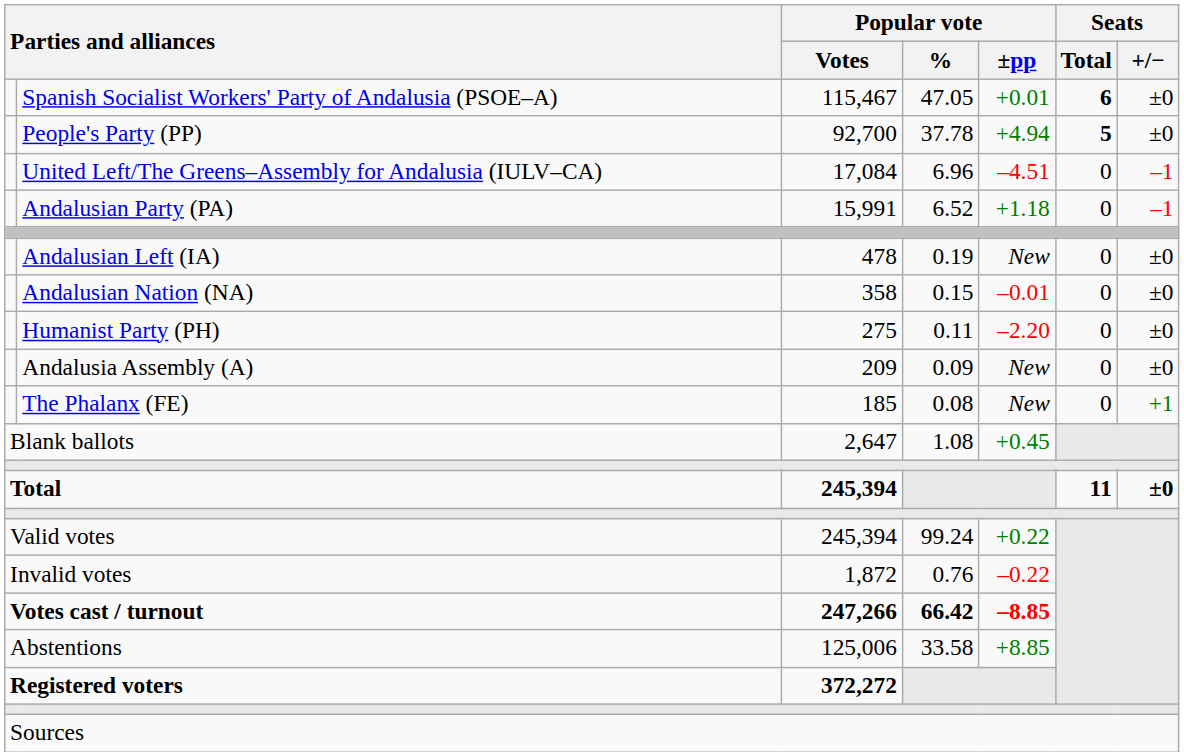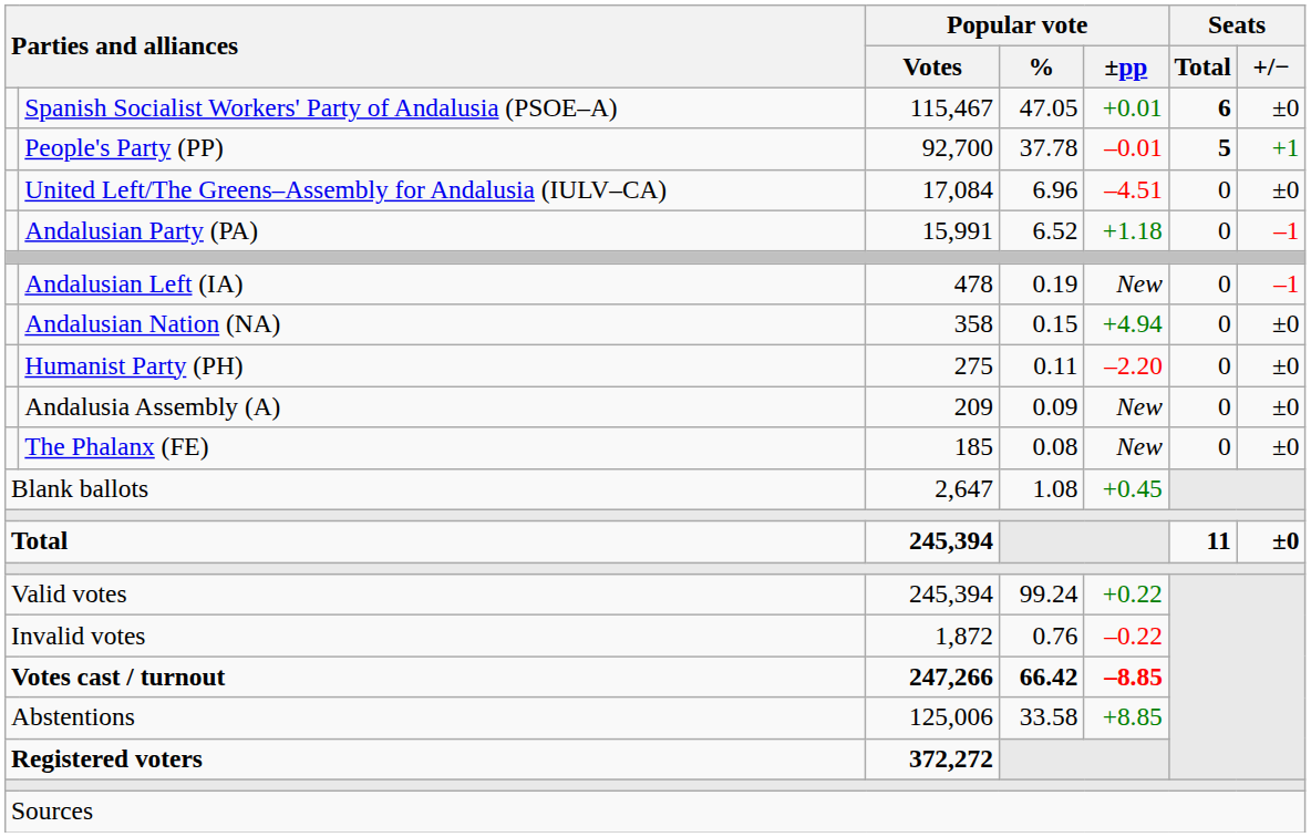 <table class="wikitable" style="text-align:right;">
 <tr>
 <th style="text-align:left;" rowspan="2" colspan="2" width="525">Parties and alliances</th>
 <th colspan="3">Popular vote</th>
 <th colspan="2">Seats</th>
 </tr>
 <tr>
 <th width="75">Votes</th>
 <th width="45">%</th>
 <th width="45">±<a href='#'>pp</a></th>
 <th width="35">Total</th>
 <th width="35">+/−</th>
 </tr>
 <tr>
 <td width="1" style="color:inherit;background:"></td>
 <td align="left"><a href='#'>Spanish Socialist Workers' Party of Andalusia</a> (PSOE–A)</td>
 <td>115,467</td>
 <td>47.05</td>
 <td style="color:green;">+0.01</td>
 <td><strong>6</strong></td>
 <td>±0</td>
 </tr>
 <tr>
 <td style="color:inherit;background:"></td>
 <td align="left"><a href='#'>People's Party</a> (PP)</td>
 <td>92,700</td>
 <td>37.78</td>
-<td style="color:green;">+4.94</td>
+<td style="color:red;">–0.01</td>
 <td><strong>5</strong></td>
-<td>±0</td>
+<td style="color:green;">+1</td>
 </tr>
 <tr>
 <td style="color:inherit;background:"></td>
 <td align="left"><a href='#'>United Left/The Greens–Assembly for Andalusia</a> (IULV–CA)</td>
 <td>17,084</td>
 <td>6.96</td>
 <td style="color:red;">–4.51</td>
 <td>0</td>
-<td style="color:red;">–1</td>
+<td>±0</td>
 </tr>
 <tr>
 <td style="color:inherit;background:"></td>
 <td align="left"><a href='#'>Andalusian Party</a> (PA)</td>
 <td>15,991</td>
 <td>6.52</td>
 <td style="color:green;">+1.18</td>
 <td>0</td>
 <td style="color:red;">–1</td>
 </tr>
 <tr>
 <td colspan="7" bgcolor="#C0C0C0"></td>
 </tr>
 <tr>
 <td style="color:inherit;background:"></td>
 <td align="left"><a href='#'>Andalusian Left</a> (IA)</td>
 <td>478</td>
 <td>0.19</td>
 <td><em>New</em></td>
 <td>0</td>
-<td>±0</td>
+<td style="color:red;">–1</td>
 </tr>
 <tr>
 <td style="color:inherit;background:"></td>
 <td align="left"><a href='#'>Andalusian Nation</a> (NA)</td>
 <td>358</td>
 <td>0.15</td>
-<td style="color:red;">–0.01</td>
+<td style="color:green;">+4.94</td>
 <td>0</td>
 <td>±0</td>
 </tr>
 <tr>
 <td style="color:inherit;background:"></td>
 <td align="left"><a href='#'>Humanist Party</a> (PH)</td>
 <td>275</td>
 <td>0.11</td>
 <td style="color:red;">–2.20</td>
 <td>0</td>
 <td>±0</td>
 </tr>
 <tr>
 <td style="color:inherit;background:"></td>
 <td align="left">Andalusia Assembly (A)</td>
 <td>209</td>
 <td>0.09</td>
 <td><em>New</em></td>
 <td>0</td>
 <td>±0</td>
 </tr>
 <tr>
 <td style="color:inherit;background:"></td>
 <td align="left"><a href='#'>The Phalanx</a> (FE)</td>
 <td>185</td>
 <td>0.08</td>
 <td><em>New</em></td>
 <td>0</td>
-<td style="color:green;">+1</td>
+<td>±0</td>
 </tr>
 <tr>
 <td align="left" colspan="2">Blank ballots</td>
 <td>2,647</td>
 <td>1.08</td>
 <td style="color:green;">+0.45</td>
 <td bgcolor="#E9E9E9" colspan="2"></td>
 </tr>
 <tr>
 <td colspan="7" bgcolor="#E9E9E9"></td>
 </tr>
 <tr style="font-weight:bold;">
 <td align="left" colspan="2">Total</td>
 <td>245,394</td>
 <td bgcolor="#E9E9E9" colspan="2"></td>
 <td>11</td>
 <td>±0</td>
 </tr>
 <tr>
 <td colspan="7" bgcolor="#E9E9E9"></td>
 </tr>
 <tr>
 <td align="left" colspan="2">Valid votes</td>
 <td>245,394</td>
 <td>99.24</td>
 <td style="color:green;">+0.22</td>
 <td bgcolor="#E9E9E9" colspan="2" rowspan="5"></td>
 </tr>
 <tr>
 <td align="left" colspan="2">Invalid votes</td>
 <td>1,872</td>
 <td>0.76</td>
 <td style="color:red;">–0.22</td>
 </tr>
 <tr style="font-weight:bold;">
 <td align="left" colspan="2">Votes cast / turnout</td>
 <td>247,266</td>
 <td>66.42</td>
 <td style="color:red;">–8.85</td>
 </tr>
 <tr>
 <td align="left" colspan="2">Abstentions</td>
 <td>125,006</td>
 <td>33.58</td>
 <td style="color:green;">+8.85</td>
 </tr>
 <tr style="font-weight:bold;">
 <td align="left" colspan="2">Registered voters</td>
 <td>372,272</td>
 <td bgcolor="#E9E9E9" colspan="2"></td>
 </tr>
 <tr>
 <td colspan="7" bgcolor="#E9E9E9"></td>
 </tr>
 <tr>
 <td align="left" colspan="7">Sources</td>
 </tr>
 </table>
